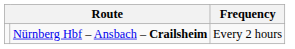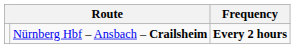 <table class="wikitable">
 <tr>
 <th colspan="2">Route</th>
 <th>Frequency</th>
 </tr>
 <tr>
 <td align="center"></td>
 <td><a href='#'>Nürnberg Hbf</a> – <a href='#'>Ansbach</a> – <strong>Crailsheim</strong></td>
-<td>Every 2 hours</td>
+<td><strong>Every 2 hours</strong></td>
 </tr>
 </table>
